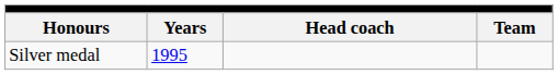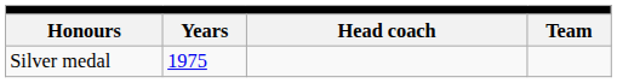 <table class="wikitable"  style="text-align: left;">
 <tr>
 <th colspan=5 style="background: #000000; color: #FFFFFF;"><a href='#'></a></th>
 </tr>
 <tr>
 <th width=120px>Honours</th>
 <th width=60px>Years</th>
 <th width=220px>Head coach</th>
 <th width=60px>Team</th>
 </tr>
 <tr>
 <td> Silver medal</td>
-<td><a href='#'>1995</a></td>
+<td><a href='#'>1975</a></td>
 <td></td>
 <td></td>
 </tr>
 </table>
